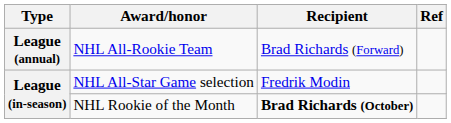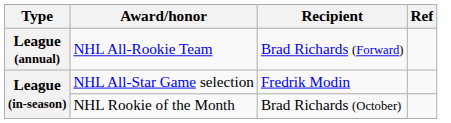 <table class="wikitable">
 <tr>
 <th scope="col">Type</th>
 <th scope="col">Award/honor</th>
 <th scope="col">Recipient</th>
 <th scope="col">Ref</th>
 </tr>
 <tr>
 <th scope="row">League<br><small>(annual)</small></th>
 <td><a href='#'>NHL All-Rookie Team</a></td>
 <td><a href='#'>Brad Richards</a> <small>(<a href='#'>Forward</a>)</small></td>
 <td></td>
 </tr>
 <tr>
 <th scope="row" rowspan="2">League<br><small>(in-season)</small></th>
 <td><a href='#'>NHL All-Star Game</a> selection</td>
 <td><a href='#'>Fredrik Modin</a></td>
 <td></td>
 </tr>
 <tr>
 <td>NHL Rookie of the Month</td>
-<td><strong>Brad Richards <small>(October)</small></strong></td>
+<td>Brad Richards <small>(October)</small></td>
 <td></td>
 </tr>
 </table>
